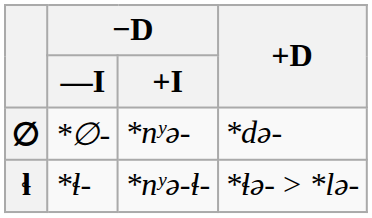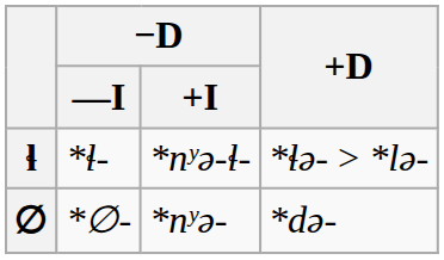 <table class="wikitable">
 <tr>
 <th rowspan="2"> </th>
 <th colspan="2">−D</th>
 <th rowspan="2">+D</th>
 </tr>
 <tr>
 <th>—I</th>
 <th>+I</th>
 </tr>
 <tr>
+<th>ɬ</th>
+<td><em>*ɬ-</em></td>
+<td><em>*nʸə-ɬ-</em></td>
+<td><em>*ɬə-</em> > <em>*lə-</em></td>
+</tr>
+<tr>
 <th>∅</th>
 <td><em>*∅-</em></td>
 <td><em>*nʸə-</em></td>
 <td><em>*də-</em></td>
 </tr>
-<tr>
-<th>ɬ</th>
-<td><em>*ɬ-</em></td>
-<td><em>*nʸə-ɬ-</em></td>
-<td><em>*ɬə-</em> > <em>*lə-</em></td>
-</tr>
 </table>
